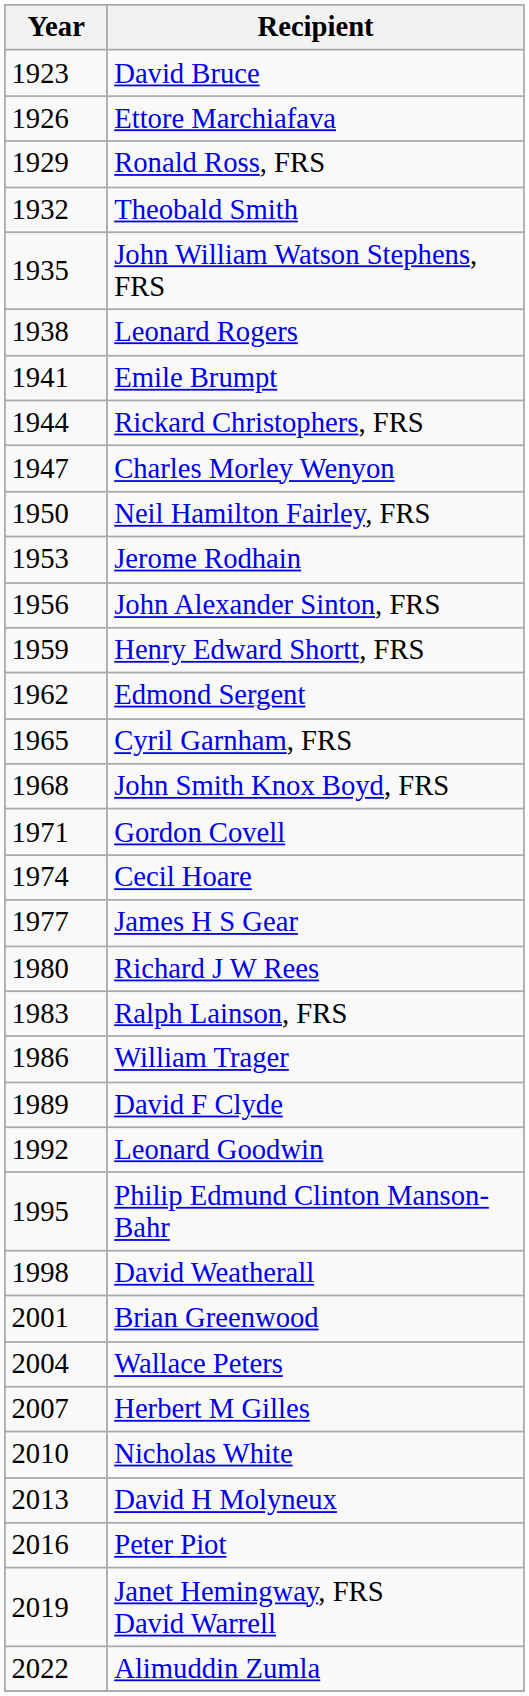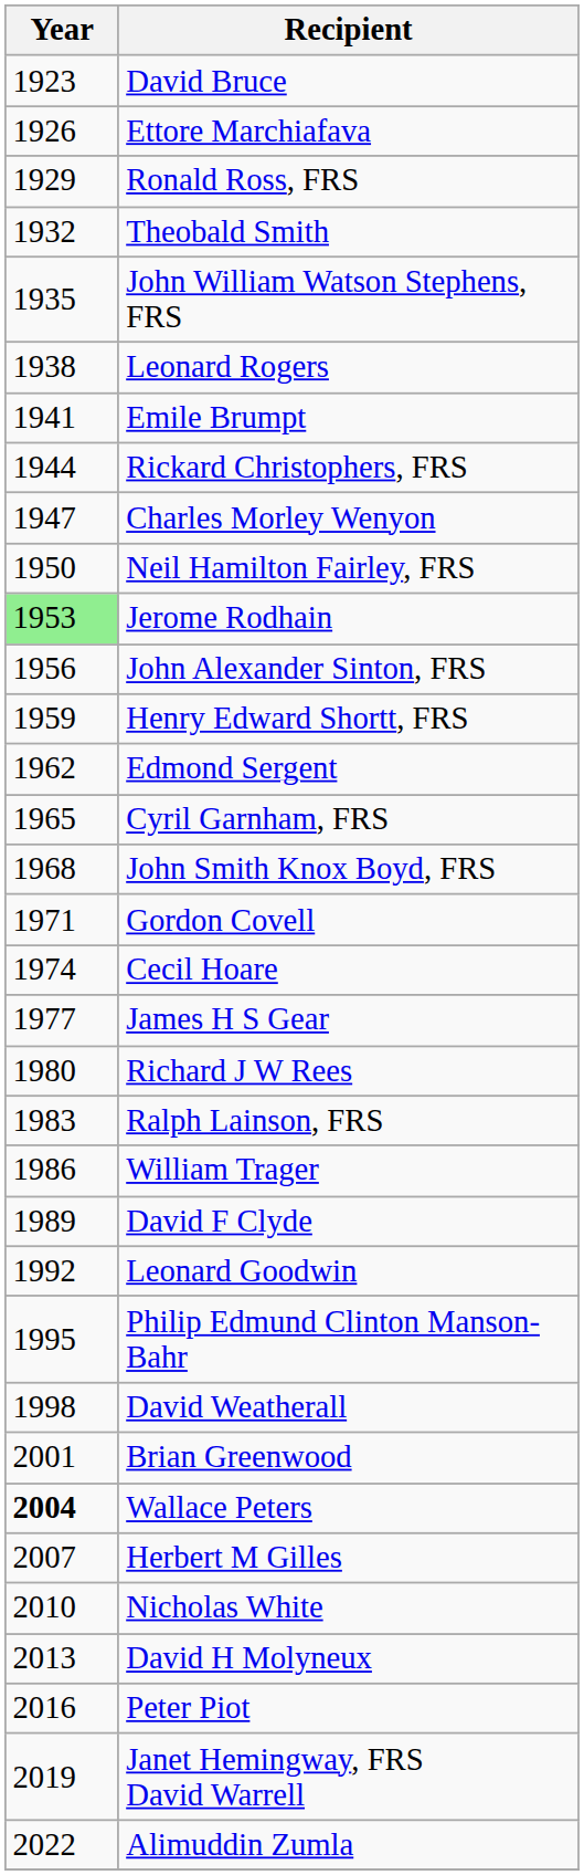 <table class="wikitable">
 <tr>
 <th scope="col" width="50px">Year</th>
 <th scope="col" width="225px">Recipient</th>
 </tr>
 <tr>
 <td>1923</td>
 <td><a href='#'>David Bruce</a></td>
 </tr>
 <tr>
 <td>1926</td>
 <td><a href='#'>Ettore Marchiafava</a></td>
 </tr>
 <tr>
 <td>1929</td>
 <td><a href='#'>Ronald Ross</a>, FRS</td>
 </tr>
 <tr>
 <td>1932</td>
 <td><a href='#'>Theobald Smith</a></td>
 </tr>
 <tr>
 <td>1935</td>
 <td><a href='#'>John William Watson Stephens</a>, FRS</td>
 </tr>
 <tr>
 <td>1938</td>
 <td><a href='#'>Leonard Rogers</a></td>
 </tr>
 <tr>
 <td>1941</td>
 <td><a href='#'>Emile Brumpt</a></td>
 </tr>
 <tr>
 <td>1944</td>
 <td><a href='#'>Rickard Christophers</a>, FRS</td>
 </tr>
 <tr>
 <td>1947</td>
 <td><a href='#'>Charles Morley Wenyon</a></td>
 </tr>
 <tr>
 <td>1950</td>
 <td><a href='#'>Neil Hamilton Fairley</a>, FRS</td>
 </tr>
 <tr>
-<td>1953</td>
+<td style="background: lightgreen;">1953</td>
 <td><a href='#'>Jerome Rodhain</a></td>
 </tr>
 <tr>
 <td>1956</td>
 <td><a href='#'>John Alexander Sinton</a>, FRS</td>
 </tr>
 <tr>
 <td>1959</td>
 <td><a href='#'>Henry Edward Shortt</a>, FRS</td>
 </tr>
 <tr>
 <td>1962</td>
 <td><a href='#'>Edmond Sergent</a></td>
 </tr>
 <tr>
 <td>1965</td>
 <td><a href='#'>Cyril Garnham</a>, FRS</td>
 </tr>
 <tr>
 <td>1968</td>
 <td><a href='#'>John Smith Knox Boyd</a>, FRS</td>
 </tr>
 <tr>
 <td>1971</td>
 <td><a href='#'>Gordon Covell</a></td>
 </tr>
 <tr>
 <td>1974</td>
 <td><a href='#'>Cecil Hoare</a></td>
 </tr>
 <tr>
 <td>1977</td>
 <td><a href='#'>James H S Gear</a></td>
 </tr>
 <tr>
 <td>1980</td>
 <td><a href='#'>Richard J W Rees</a></td>
 </tr>
 <tr>
 <td>1983</td>
 <td><a href='#'>Ralph Lainson</a>, FRS</td>
 </tr>
 <tr>
 <td>1986</td>
 <td><a href='#'>William Trager</a></td>
 </tr>
 <tr>
 <td>1989</td>
 <td><a href='#'>David F Clyde</a></td>
 </tr>
 <tr>
 <td>1992</td>
 <td><a href='#'>Leonard Goodwin</a></td>
 </tr>
 <tr>
 <td>1995</td>
 <td><a href='#'>Philip Edmund Clinton Manson-Bahr</a></td>
 </tr>
 <tr>
 <td>1998</td>
 <td><a href='#'>David Weatherall</a></td>
 </tr>
 <tr>
 <td>2001</td>
 <td><a href='#'>Brian Greenwood</a></td>
 </tr>
 <tr>
-<td>2004</td>
+<td><strong>2004</strong></td>
 <td><a href='#'>Wallace Peters</a></td>
 </tr>
 <tr>
 <td>2007</td>
 <td><a href='#'>Herbert M Gilles</a></td>
 </tr>
 <tr>
 <td>2010</td>
 <td><a href='#'>Nicholas White</a></td>
 </tr>
 <tr>
 <td>2013</td>
 <td><a href='#'>David H Molyneux</a></td>
 </tr>
 <tr>
 <td>2016</td>
 <td><a href='#'>Peter Piot</a></td>
 </tr>
 <tr>
 <td>2019</td>
 <td><a href='#'>Janet Hemingway</a>, FRS<br><a href='#'>David Warrell</a></td>
 </tr>
 <tr>
 <td>2022</td>
 <td><a href='#'>Alimuddin Zumla</a></td>
 </tr>
 <tr>
 </tr>
 </table>
